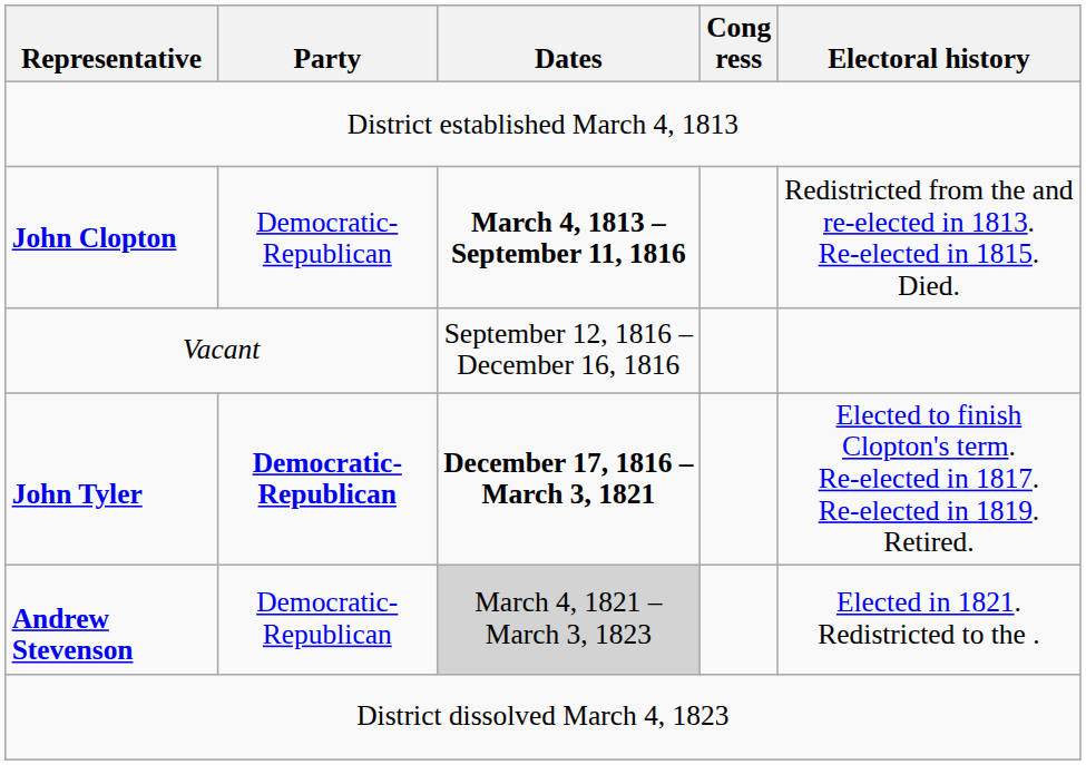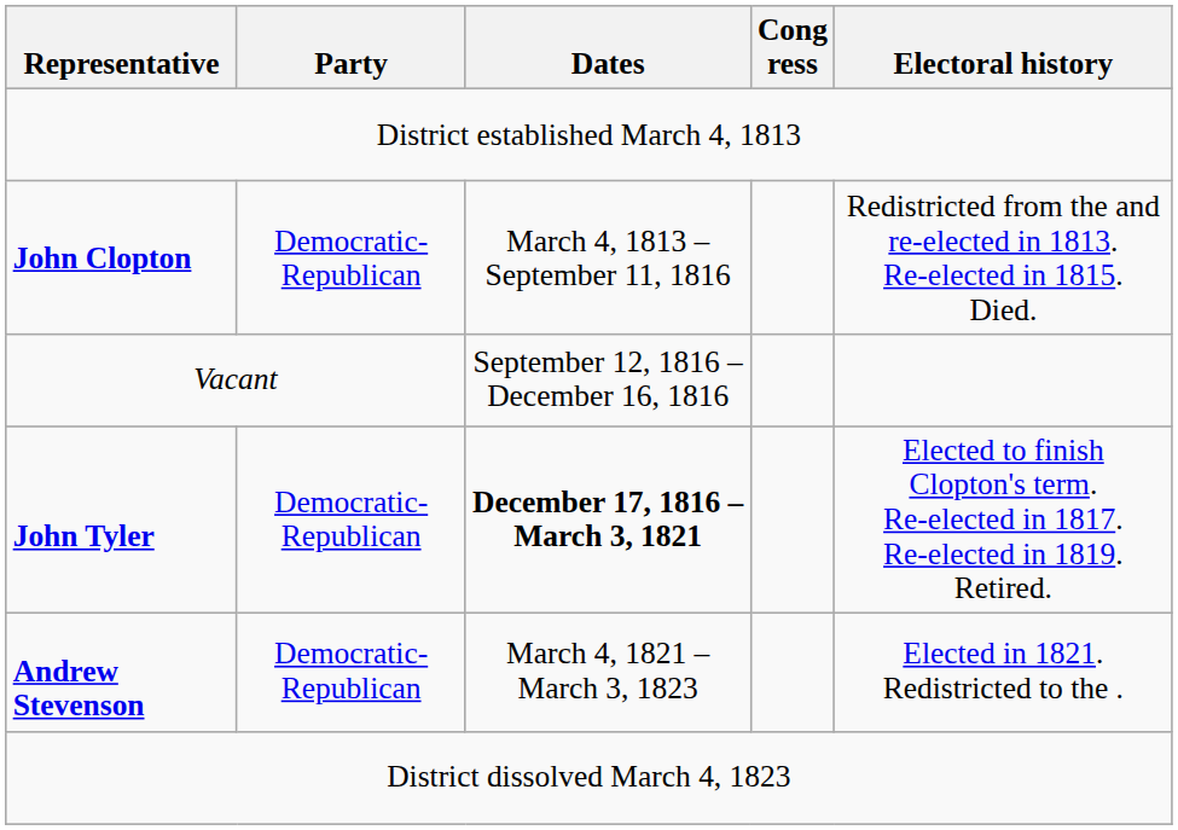 <table class=wikitable style="text-align:center">
 <tr valign=bottom>
 <th>Representative</th>
 <th>Party</th>
 <th>Dates</th>
 <th>Cong<br>ress</th>
 <th>Electoral history</th>
 </tr>
 <tr style="height:3em">
 <td colspan=5>District established March 4, 1813</td>
 </tr>
 <tr style="height:3em">
 <td align=left><strong><a href='#'>John Clopton</a></strong><br></td>
 <td><a href='#'>Democratic-Republican</a></td>
-<td nowrap><strong>March 4, 1813 –<br>September 11, 1816</strong></td>
+<td nowrap>March 4, 1813 –<br>September 11, 1816</td>
 <td></td>
 <td>Redistricted from the  and <a href='#'>re-elected in 1813</a>.<br><a href='#'>Re-elected in 1815</a>.<br>Died.</td>
 </tr>
 <tr style="height:3em">
 <td colspan=2><em>Vacant</em></td>
 <td nowrap>September 12, 1816 –<br>December 16, 1816</td>
 <td></td>
 <td></td>
 </tr>
 <tr style="height:3em">
 <td align=left><br><strong><a href='#'>John Tyler</a></strong><br></td>
-<td><strong><a href='#'>Democratic-Republican</a></strong></td>
+<td><a href='#'>Democratic-Republican</a></td>
 <td nowrap><strong>December 17, 1816 –<br>March 3, 1821</strong></td>
 <td></td>
 <td><a href='#'>Elected to finish Clopton's term</a>.<br><a href='#'>Re-elected in 1817</a>.<br><a href='#'>Re-elected in 1819</a>.<br>Retired.</td>
 </tr>
 <tr style="height:3em">
 <td align=left><br><strong><a href='#'>Andrew Stevenson</a></strong><br></td>
 <td><a href='#'>Democratic-Republican</a></td>
-<td nowrap style="background: lightgrey;">March 4, 1821 –<br>March 3, 1823</td>
+<td nowrap>March 4, 1821 –<br>March 3, 1823</td>
 <td></td>
 <td><a href='#'>Elected in 1821</a>.<br>Redistricted to the .</td>
 </tr>
 <tr style="height:3em">
 <td colspan=5>District dissolved March 4, 1823</td>
 </tr>
 </table>
